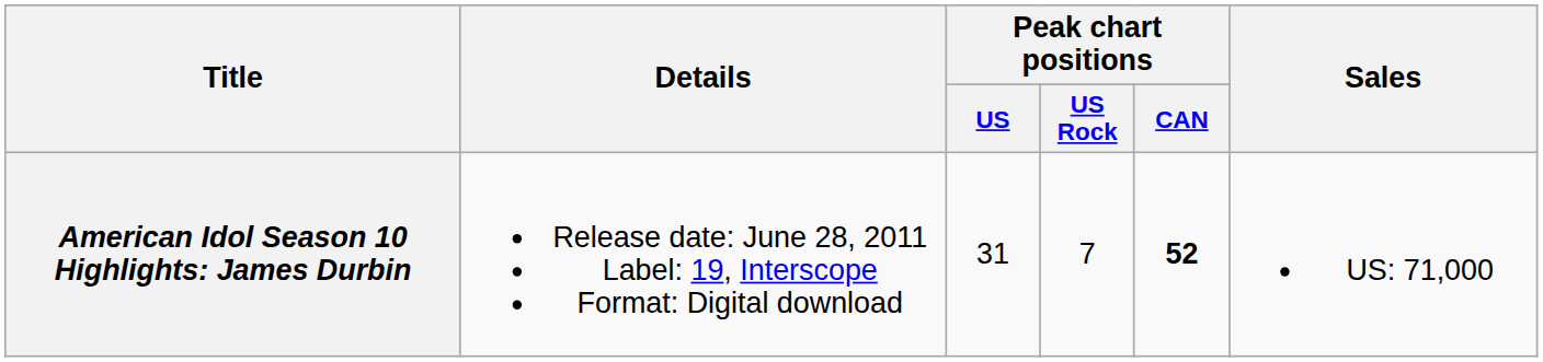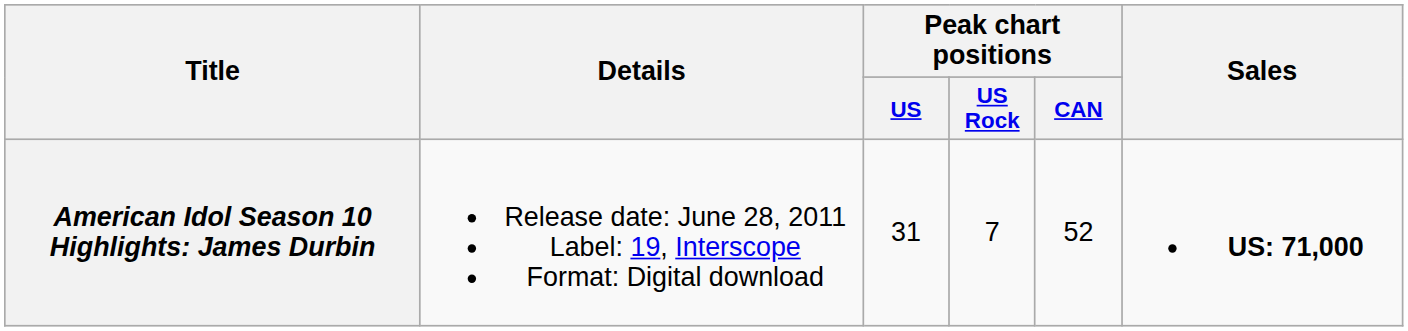 <table class="wikitable plainrowheaders" style="text-align:center;">
 <tr>
 <th rowspan="2" style="width:15em;">Title</th>
 <th rowspan="2" style="width:16em;">Details</th>
 <th colspan="3">Peak chart<br>positions</th>
 <th rowspan="2" style="width:10em;">Sales</th>
 </tr>
 <tr style="font-size:smaller;">
 <th width="45"><a href='#'>US</a><br></th>
 <th width="45"><a href='#'>US<br>Rock</a><br></th>
 <th width="45"><a href='#'>CAN</a><br></th>
 </tr>
 <tr>
 <th scope="row"><em>American Idol Season 10<br>Highlights: James Durbin</em></th>
 <td><br><ul><li>Release date: June 28, 2011</li><li>Label: <a href='#'>19</a>, <a href='#'>Interscope</a></li><li>Format: Digital download</li></ul></td>
 <td>31</td>
 <td>7</td>
-<td><strong>52</strong></td>
-<td><br><ul><li>US: 71,000</li></ul></td>
+<td>52</td>
+<td><strong><br><ul><li>US: 71,000</li></ul></strong></td>
 </tr>
 </table>
